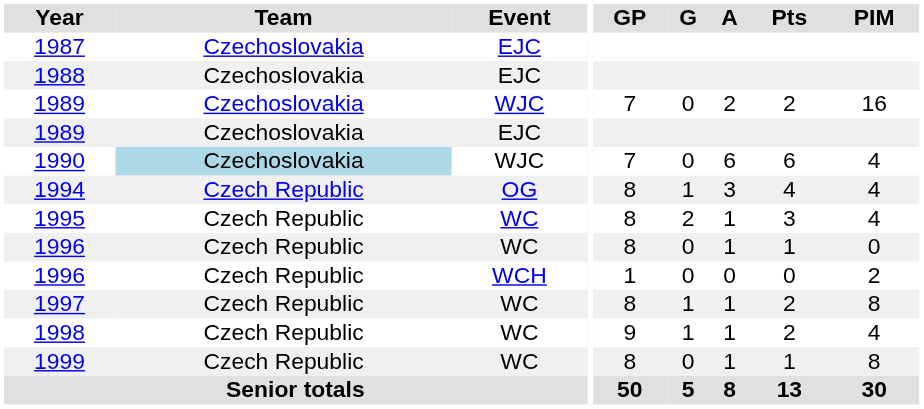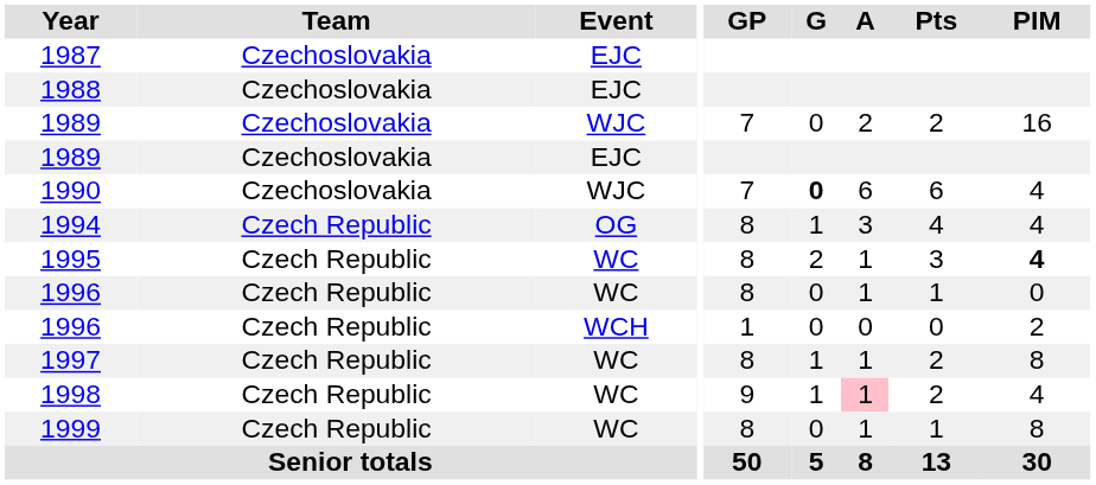 <table border="0" cellpadding="1" cellspacing="0" ID="Table3" style="text-align:center; width:40em">
 <tr ALIGN="center" bgcolor="#e0e0e0">
 <th>Year</th>
 <th>Team</th>
 <th>Event</th>
 <th rowspan="99" bgcolor="#ffffff"></th>
 <th>GP</th>
 <th>G</th>
 <th>A</th>
 <th>Pts</th>
 <th>PIM</th>
 </tr>
 <tr>
 <td><a href='#'>1987</a></td>
 <td><a href='#'>Czechoslovakia</a></td>
 <td><a href='#'>EJC</a></td>
 <td></td>
 <td></td>
 <td></td>
 <td></td>
 <td></td>
 </tr>
 <tr bgcolor="#f0f0f0">
 <td><a href='#'>1988</a></td>
 <td>Czechoslovakia</td>
 <td>EJC</td>
 <td></td>
 <td></td>
 <td></td>
 <td></td>
 <td></td>
 </tr>
 <tr>
 <td><a href='#'>1989</a></td>
 <td><a href='#'>Czechoslovakia</a></td>
 <td><a href='#'>WJC</a></td>
 <td>7</td>
 <td>0</td>
 <td>2</td>
 <td>2</td>
 <td>16</td>
 </tr>
 <tr bgcolor="#f0f0f0">
 <td><a href='#'>1989</a></td>
 <td>Czechoslovakia</td>
 <td>EJC</td>
 <td></td>
 <td></td>
 <td></td>
 <td></td>
 <td></td>
 </tr>
 <tr>
 <td><a href='#'>1990</a></td>
-<td style="background: lightblue;">Czechoslovakia</td>
+<td>Czechoslovakia</td>
 <td>WJC</td>
 <td>7</td>
-<td>0</td>
+<td><strong>0</strong></td>
 <td>6</td>
 <td>6</td>
 <td>4</td>
 </tr>
 <tr bgcolor="#f0f0f0">
 <td><a href='#'>1994</a></td>
 <td><a href='#'>Czech Republic</a></td>
 <td><a href='#'>OG</a></td>
 <td>8</td>
 <td>1</td>
 <td>3</td>
 <td>4</td>
 <td>4</td>
 </tr>
 <tr>
 <td><a href='#'>1995</a></td>
 <td>Czech Republic</td>
 <td><a href='#'>WC</a></td>
 <td>8</td>
 <td>2</td>
 <td>1</td>
 <td>3</td>
-<td>4</td>
+<td><strong>4</strong></td>
 </tr>
 <tr bgcolor="#f0f0f0">
 <td><a href='#'>1996</a></td>
 <td>Czech Republic</td>
 <td>WC</td>
 <td>8</td>
 <td>0</td>
 <td>1</td>
 <td>1</td>
 <td>0</td>
 </tr>
 <tr>
 <td><a href='#'>1996</a></td>
 <td>Czech Republic</td>
 <td><a href='#'>WCH</a></td>
 <td>1</td>
 <td>0</td>
 <td>0</td>
 <td>0</td>
 <td>2</td>
 </tr>
 <tr bgcolor="#f0f0f0">
 <td><a href='#'>1997</a></td>
 <td>Czech Republic</td>
 <td>WC</td>
 <td>8</td>
 <td>1</td>
 <td>1</td>
 <td>2</td>
 <td>8</td>
 </tr>
 <tr>
 <td><a href='#'>1998</a></td>
 <td>Czech Republic</td>
 <td>WC</td>
 <td>9</td>
 <td>1</td>
-<td>1</td>
+<td style="background: pink;">1</td>
 <td>2</td>
 <td>4</td>
 </tr>
 <tr bgcolor="#f0f0f0">
 <td><a href='#'>1999</a></td>
 <td>Czech Republic</td>
 <td>WC</td>
 <td>8</td>
 <td>0</td>
 <td>1</td>
 <td>1</td>
 <td>8</td>
 </tr>
 <tr bgcolor="#e0e0e0">
 <th colspan="3">Senior totals</th>
 <th>50</th>
 <th>5</th>
 <th>8</th>
 <th>13</th>
 <th>30</th>
 </tr>
 </table>
